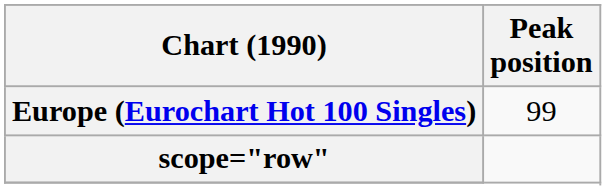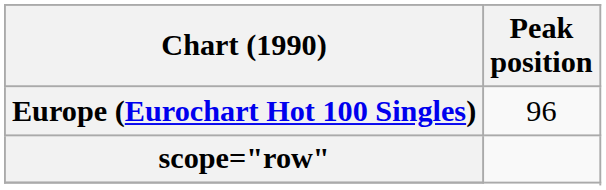 <table class="wikitable sortable plainrowheaders">
 <tr>
 <th>Chart (1990)</th>
 <th>Peak<br>position</th>
 </tr>
 <tr>
 <th scope="row">Europe (<a href='#'>Eurochart Hot 100 Singles</a>)</th>
-<td align="center">99</td>
+<td align="center">96</td>
 </tr>
 <tr>
 <th>scope="row"</th>
 </tr>
 <tr>
 </tr>
 </table>
